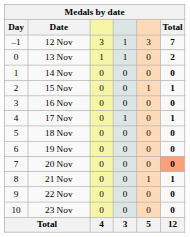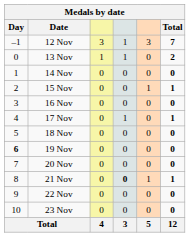 <table class="wikitable" style="font-size:90%; text-align:center;">
 <tr style="background:#efefef;">
 <th colspan=6><strong>Medals by date</strong></th>
 </tr>
 <tr>
 <th width=30><strong>Day</strong></th>
 <th width=90><strong>Date</strong></th>
 <th width=30 style="background:#F7F6A8;"></th>
 <th width=30 style="background:#DCE5E5;"></th>
 <th width=30 style="background:#FFDAB9;"></th>
 <th width=30><strong>Total</strong></th>
 </tr>
 <tr>
 <td>–1</td>
 <td>12 Nov</td>
 <td style="background:#F7F6A8;">3</td>
 <td style="background:#DCE5E5;">1</td>
 <td style="background:#FFDAB9;">3</td>
 <td><strong>7</strong></td>
 </tr>
 <tr>
 <td>0</td>
 <td>13 Nov</td>
 <td style="background:#F7F6A8;">1</td>
 <td style="background:#DCE5E5;">1</td>
 <td style="background:#FFDAB9;">0</td>
 <td><strong>2</strong></td>
 </tr>
 <tr>
 <td>1</td>
 <td>14 Nov</td>
 <td style="background:#F7F6A8;">0</td>
 <td style="background:#DCE5E5;">0</td>
 <td style="background:#FFDAB9;">0</td>
 <td><strong>0</strong></td>
 </tr>
 <tr>
 <td>2</td>
 <td>15 Nov</td>
 <td style="background:#F7F6A8;">0</td>
 <td style="background:#DCE5E5;">0</td>
 <td style="background:#FFDAB9;">1</td>
 <td><strong>1</strong></td>
 </tr>
 <tr>
 <td>3</td>
 <td>16 Nov</td>
 <td style="background:#F7F6A8;">0</td>
 <td style="background:#DCE5E5;">0</td>
 <td style="background:#FFDAB9;">0</td>
 <td><strong>0</strong></td>
 </tr>
 <tr>
 <td>4</td>
 <td>17 Nov</td>
 <td style="background:#F7F6A8;">0</td>
 <td style="background:#DCE5E5;">1</td>
 <td style="background:#FFDAB9;">0</td>
 <td><strong>1</strong></td>
 </tr>
 <tr>
 <td>5</td>
 <td>18 Nov</td>
 <td style="background:#F7F6A8;">0</td>
 <td style="background:#DCE5E5;">0</td>
 <td style="background:#FFDAB9;">0</td>
 <td><strong>0</strong></td>
 </tr>
 <tr>
-<td>6</td>
+<td><strong>6</strong></td>
 <td>19 Nov</td>
 <td style="background:#F7F6A8;">0</td>
 <td style="background:#DCE5E5;">0</td>
 <td style="background:#FFDAB9;">0</td>
 <td><strong>0</strong></td>
 </tr>
 <tr>
 <td>7</td>
 <td>20 Nov</td>
 <td style="background:#F7F6A8;">0</td>
 <td style="background:#DCE5E5;">0</td>
 <td style="background:#FFDAB9;">0</td>
-<td style="background: lightsalmon;"><strong>0</strong></td>
+<td><strong>0</strong></td>
 </tr>
 <tr>
 <td>8</td>
 <td>21 Nov</td>
 <td style="background:#F7F6A8;">0</td>
-<td style="background:#DCE5E5;">0</td>
+<td style="background:#DCE5E5;"><strong>0</strong></td>
 <td style="background:#FFDAB9;">1</td>
 <td><strong>1</strong></td>
 </tr>
 <tr>
 <td>9</td>
 <td>22 Nov</td>
 <td style="background:#F7F6A8;">0</td>
 <td style="background:#DCE5E5;">0</td>
 <td style="background:#FFDAB9;">0</td>
 <td><strong>0</strong></td>
 </tr>
 <tr>
 <td>10</td>
 <td>23 Nov</td>
 <td style="background:#F7F6A8;">0</td>
 <td style="background:#DCE5E5;">0</td>
 <td style="background:#FFDAB9;">0</td>
 <td><strong>0</strong></td>
 </tr>
 <tr>
 <th colspan="2"><strong>Total</strong></th>
 <th><strong>4</strong></th>
 <th><strong>3</strong></th>
 <th><strong>5</strong></th>
 <th><strong>12</strong></th>
 </tr>
 </table>
